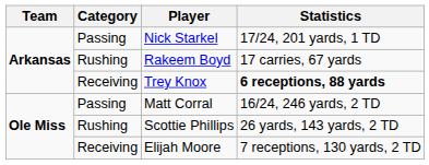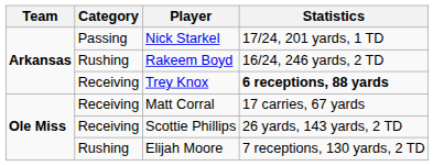 <table class="wikitable" style="float: right;">
 <tr>
 <th>Team</th>
 <th>Category</th>
 <th>Player</th>
 <th>Statistics</th>
 </tr>
 <tr>
 <td rowspan=3><strong>Arkansas</strong></td>
 <td>Passing</td>
 <td><a href='#'>Nick Starkel</a></td>
 <td>17/24, 201 yards, 1 TD</td>
 </tr>
 <tr>
 <td>Rushing</td>
 <td><a href='#'>Rakeem Boyd</a></td>
-<td>17 carries, 67 yards</td>
+<td>16/24, 246 yards, 2 TD</td>
 </tr>
 <tr>
 <td>Receiving</td>
 <td><a href='#'>Trey Knox</a></td>
 <td><strong>6 receptions, 88 yards</strong></td>
 </tr>
 <tr>
 <td rowspan=3><strong>Ole Miss</strong></td>
-<td>Passing</td>
+<td>Receiving</td>
 <td>Matt Corral</td>
-<td>16/24, 246 yards, 2 TD</td>
+<td>17 carries, 67 yards</td>
 </tr>
 <tr>
-<td>Rushing</td>
+<td>Receiving</td>
 <td>Scottie Phillips</td>
 <td>26 yards, 143 yards, 2 TD</td>
 </tr>
 <tr>
-<td>Receiving</td>
+<td>Rushing</td>
 <td>Elijah Moore</td>
 <td>7 receptions, 130 yards, 2 TD</td>
 </tr>
 </table>
